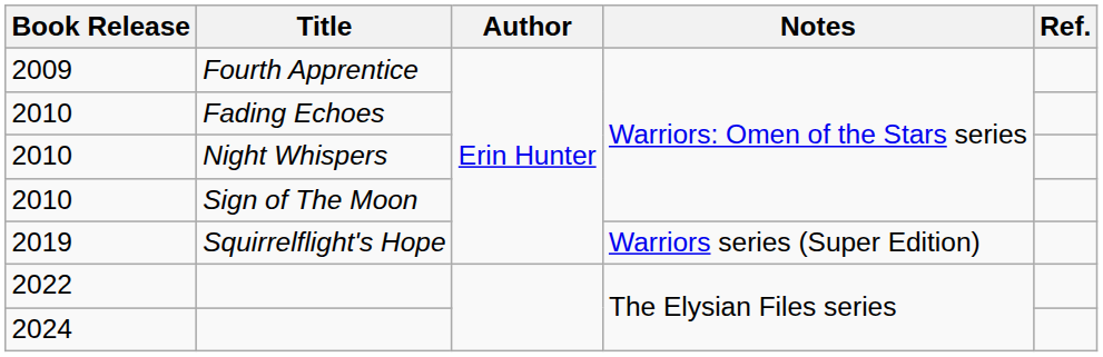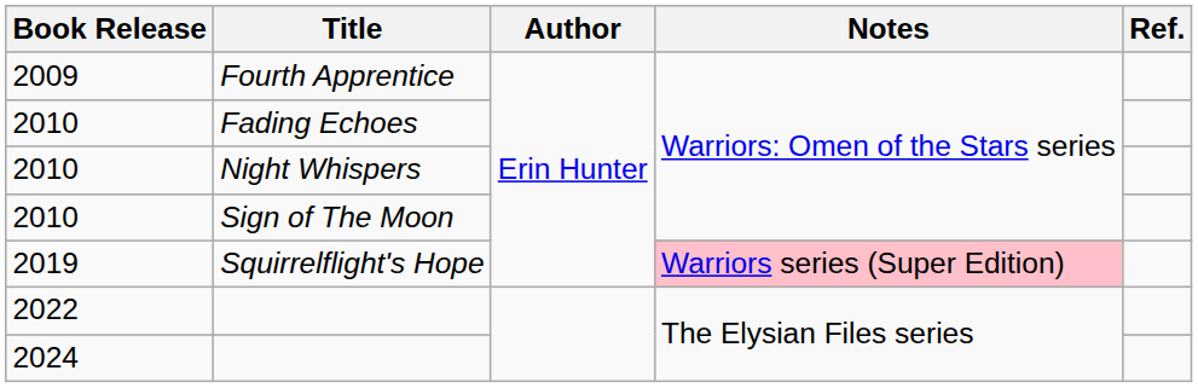 <table class="wikitable">
 <tr>
 <th>Book Release</th>
 <th>Title</th>
 <th>Author</th>
 <th>Notes</th>
 <th>Ref.</th>
 </tr>
 <tr>
 <td>2009</td>
 <td><em>Fourth Apprentice</em></td>
 <td rowspan="5"><a href='#'>Erin Hunter</a></td>
 <td rowspan="4"><a href='#'>Warriors: Omen of the Stars</a> series</td>
 <td></td>
 </tr>
 <tr>
 <td>2010</td>
 <td><em>Fading Echoes</em></td>
 <td></td>
 </tr>
 <tr>
 <td>2010</td>
 <td><em>Night Whispers</em></td>
 <td></td>
 </tr>
 <tr>
 <td>2010</td>
 <td><em>Sign of The Moon</em></td>
 <td></td>
 </tr>
 <tr>
 <td>2019</td>
 <td><em>Squirrelflight's Hope</em></td>
-<td><a href='#'>Warriors</a> series (Super Edition)</td>
+<td style="background: pink;"><a href='#'>Warriors</a> series (Super Edition)</td>
 <td></td>
 </tr>
 <tr>
 <td>2022</td>
 <td><em></em></td>
 <td rowspan="2"></td>
 <td rowspan="2">The Elysian Files series</td>
 <td></td>
 </tr>
 <tr>
 <td>2024</td>
 <td><em></em></td>
 <td></td>
 </tr>
 </table>
